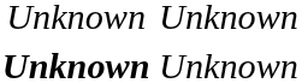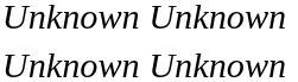 <table>
 <tr>
 <th scope=row style="text-align:left"></th>
 <td></td>
 <td></td>
 <td></td>
 </tr>
 <tr>
 <th scope=row style="text-align:left"></th>
 <td></td>
 <td align=center><em>Unknown</em></td>
 <td align=center><em>Unknown</em></td>
 </tr>
 <tr>
 <th scope=row style="text-align:left"></th>
 <td></td>
-<td align=center><strong><em>Unknown</em></strong></td>
+<td align=center><em>Unknown</em></td>
 <td align=center><em>Unknown</em></td>
 </tr>
 </table>
